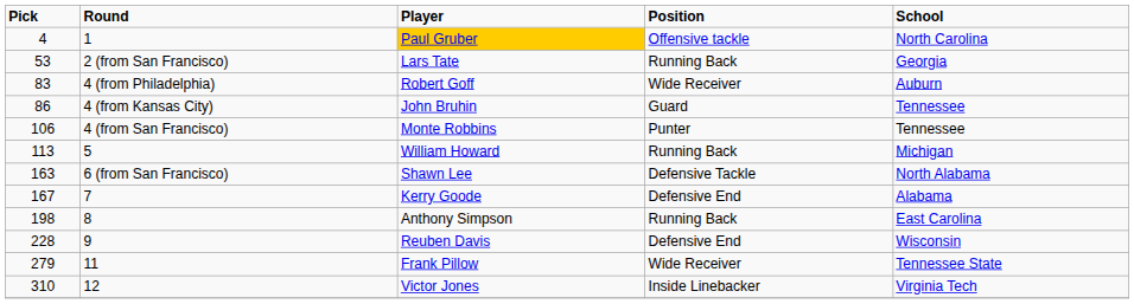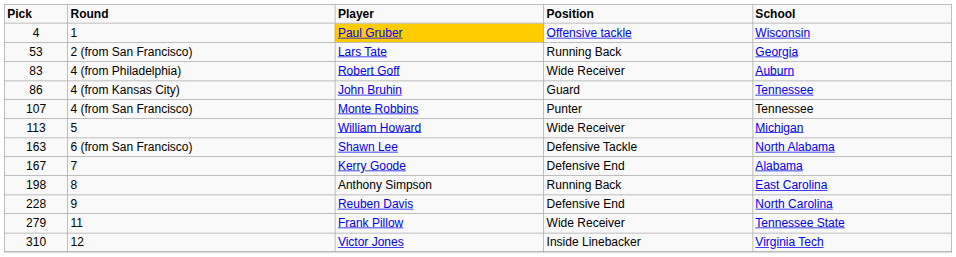 <table class="wikitable sortable sortable" style="width:100%">
 <tr>
 <td><strong>Pick</strong></td>
 <td><strong>Round</strong></td>
 <td><strong>Player</strong></td>
 <td><strong>Position</strong></td>
 <td><strong>School</strong></td>
 </tr>
 <tr>
 <td align=center>4</td>
 <td>1</td>
 <td bgcolor="#FFCC00"><a href='#'>Paul Gruber</a></td>
 <td><a href='#'>Offensive tackle</a></td>
-<td><a href='#'>North Carolina</a></td>
+<td><a href='#'>Wisconsin</a></td>
 </tr>
 <tr>
 <td align=center>53</td>
 <td>2 (from San Francisco)</td>
 <td><a href='#'>Lars Tate</a></td>
 <td>Running Back</td>
 <td><a href='#'>Georgia</a></td>
 </tr>
 <tr>
 <td align=center>83</td>
 <td>4 (from Philadelphia)</td>
 <td><a href='#'>Robert Goff</a></td>
 <td>Wide Receiver</td>
 <td><a href='#'>Auburn</a></td>
 </tr>
 <tr>
 <td align=center>86</td>
 <td>4 (from Kansas City)</td>
 <td><a href='#'>John Bruhin</a></td>
 <td>Guard</td>
 <td><a href='#'>Tennessee</a></td>
 </tr>
 <tr>
-<td align=center>106</td>
+<td align=center>107</td>
 <td>4 (from San Francisco)</td>
 <td><a href='#'>Monte Robbins</a></td>
 <td>Punter</td>
 <td>Tennessee</td>
 </tr>
 <tr>
 <td align=center>113</td>
 <td>5</td>
 <td><a href='#'>William Howard</a></td>
-<td>Running Back</td>
+<td>Wide Receiver</td>
 <td><a href='#'>Michigan</a></td>
 </tr>
 <tr>
 <td align=center>163</td>
 <td>6 (from San Francisco)</td>
 <td><a href='#'>Shawn Lee</a></td>
 <td>Defensive Tackle</td>
 <td><a href='#'>North Alabama</a></td>
 </tr>
 <tr>
 <td align=center>167</td>
 <td>7</td>
 <td><a href='#'>Kerry Goode</a></td>
 <td>Defensive End</td>
 <td><a href='#'>Alabama</a></td>
 </tr>
 <tr>
 <td align=center>198</td>
 <td>8</td>
 <td>Anthony Simpson</td>
 <td>Running Back</td>
 <td><a href='#'>East Carolina</a></td>
 </tr>
 <tr>
 <td align=center>228</td>
 <td>9</td>
 <td><a href='#'>Reuben Davis</a></td>
 <td>Defensive End</td>
-<td><a href='#'>Wisconsin</a></td>
+<td><a href='#'>North Carolina</a></td>
 </tr>
 <tr>
 <td align=center>279</td>
 <td>11</td>
 <td><a href='#'>Frank Pillow</a></td>
 <td>Wide Receiver</td>
 <td><a href='#'>Tennessee State</a></td>
 </tr>
 <tr>
 <td align=center>310</td>
 <td>12</td>
 <td><a href='#'>Victor Jones</a></td>
 <td>Inside Linebacker</td>
 <td><a href='#'>Virginia Tech</a></td>
 </tr>
 <tr>
 </tr>
 </table>
